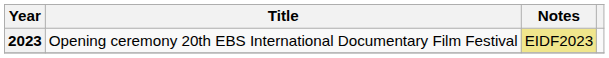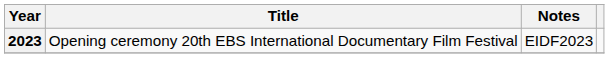 <table class="wikitable sortable plainrowheaders">
 <tr>
 <th scope="col">Year</th>
 <th scope="col">Title</th>
 <th scope="col" class="unsortable">Notes</th>
 <th scope="col" class="unsortable"></th>
 </tr>
 <tr>
 <th scope="row">2023</th>
 <td>Opening ceremony 20th EBS International Documentary Film Festival</td>
-<td style="background: khaki;">EIDF2023</td>
+<td>EIDF2023</td>
 <td style="text-align:center"></td>
 </tr>
 <tr>
 </tr>
 </table>
